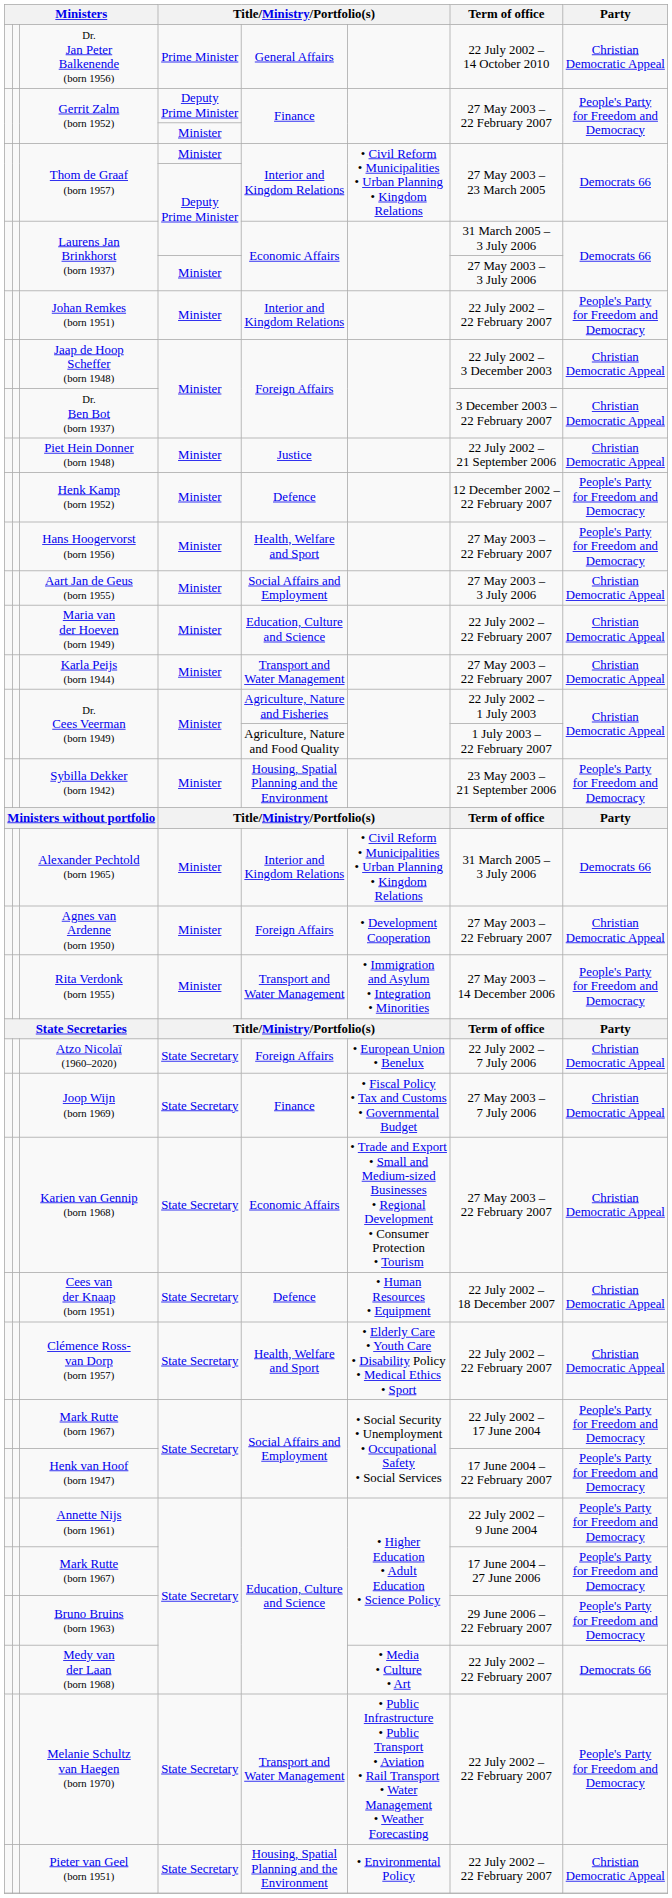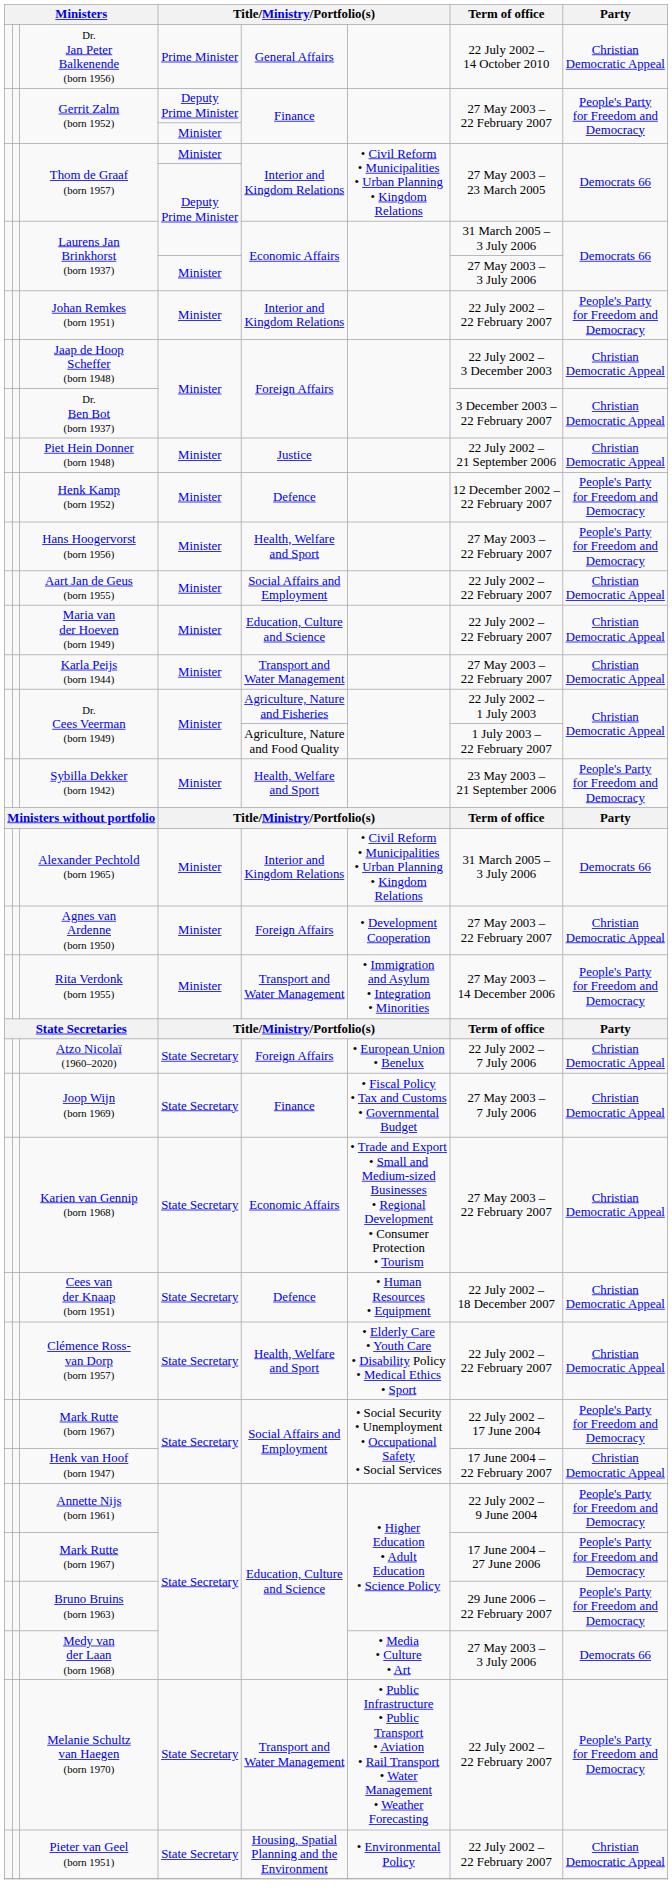 <table class="wikitable" style="text-align:center">
 <tr>
 <th colspan=3><a href='#'>Ministers</a></th>
 <th colspan=3>Title/<a href='#'>Ministry</a>/Portfolio(s)</th>
 <th>Term of office</th>
 <th>Party</th>
 </tr>
 <tr>
 <td style="background:"></td>
 <td></td>
 <td><small>Dr.</small> <br> <a href='#'>Jan Peter <br> Balkenende</a> <br> <small>(born 1956)</small></td>
 <td><a href='#'>Prime Minister</a></td>
 <td><a href='#'>General Affairs</a></td>
 <td></td>
 <td>22 July 2002 – <br> 14 October 2010 <br>  </td>
 <td><a href='#'>Christian <br> Democratic Appeal</a></td>
 </tr>
 <tr>
 <td rowspan=2 style="background:"></td>
 <td rowspan=2></td>
 <td rowspan=2><a href='#'>Gerrit Zalm</a> <br> <small>(born 1952)</small></td>
 <td><a href='#'>Deputy <br> Prime Minister</a></td>
 <td rowspan=2><a href='#'>Finance</a></td>
 <td rowspan=2></td>
 <td rowspan=2>27 May 2003 – <br> 22 February 2007 <br> </td>
 <td rowspan=2><a href='#'>People's Party <br> for Freedom and <br> Democracy</a></td>
 </tr>
 <tr>
 <td><a href='#'>Minister</a></td>
 </tr>
 <tr>
 <td rowspan=2 style="background:"></td>
 <td rowspan=2></td>
 <td rowspan=2><a href='#'>Thom de Graaf</a> <br> <small>(born 1957)</small></td>
 <td><a href='#'>Minister</a></td>
 <td rowspan=2><a href='#'>Interior and <br> Kingdom Relations</a></td>
 <td rowspan=2>• <a href='#'>Civil Reform</a> <br> • <a href='#'>Municipalities</a> <br> • <a href='#'>Urban Planning</a> <br> • <a href='#'>Kingdom <br> Relations</a></td>
 <td rowspan=2>27 May 2003 – <br> 23 March 2005 <br> </td>
 <td rowspan=2><a href='#'>Democrats 66</a></td>
 </tr>
 <tr>
 <td rowspan=2><a href='#'>Deputy <br> Prime Minister</a></td>
 </tr>
 <tr>
 <td rowspan=2 style="background:"></td>
 <td rowspan=2></td>
 <td rowspan=2><a href='#'>Laurens Jan <br> Brinkhorst</a> <br> <small>(born 1937)</small></td>
 <td rowspan=2><a href='#'>Economic Affairs</a></td>
 <td rowspan=2></td>
 <td>31 March 2005 – <br> 3 July 2006 <br> </td>
 <td rowspan=2><a href='#'>Democrats 66</a></td>
 </tr>
 <tr>
 <td><a href='#'>Minister</a></td>
 <td>27 May 2003 – <br> 3 July 2006 <br> </td>
 </tr>
 <tr>
 <td style="background:"></td>
 <td></td>
 <td><a href='#'>Johan Remkes</a> <br> <small>(born 1951)</small></td>
 <td><a href='#'>Minister</a></td>
 <td><a href='#'>Interior and <br> Kingdom Relations</a></td>
 <td></td>
 <td>22 July 2002 – <br> 22 February 2007 <br>  </td>
 <td><a href='#'>People's Party <br> for Freedom and <br> Democracy</a></td>
 </tr>
 <tr>
 <td style="background:"></td>
 <td></td>
 <td><a href='#'>Jaap de Hoop <br> Scheffer</a> <br> <small>(born 1948)</small></td>
 <td rowspan=2><a href='#'>Minister</a></td>
 <td rowspan=2><a href='#'>Foreign Affairs</a></td>
 <td rowspan=2></td>
 <td>22 July 2002 – <br> 3 December 2003 <br>  </td>
 <td><a href='#'>Christian <br> Democratic Appeal</a></td>
 </tr>
 <tr>
 <td style="background:"></td>
 <td></td>
 <td><small>Dr.</small> <br> <a href='#'>Ben Bot</a> <br> <small>(born 1937)</small></td>
 <td>3 December 2003 – <br> 22 February 2007 <br> </td>
 <td><a href='#'>Christian <br> Democratic Appeal</a></td>
 </tr>
 <tr>
 <td style="background:"></td>
 <td></td>
 <td><a href='#'>Piet Hein Donner</a> <br> <small>(born 1948)</small></td>
 <td><a href='#'>Minister</a></td>
 <td><a href='#'>Justice</a></td>
 <td></td>
 <td>22 July 2002 – <br> 21 September 2006 <br>  </td>
 <td><a href='#'>Christian <br> Democratic Appeal</a></td>
 </tr>
 <tr>
 <td style="background:"></td>
 <td></td>
 <td><a href='#'>Henk Kamp</a> <br> <small>(born 1952)</small></td>
 <td><a href='#'>Minister</a></td>
 <td><a href='#'>Defence</a></td>
 <td></td>
 <td>12 December 2002 – <br> 22 February 2007 <br>  </td>
 <td><a href='#'>People's Party <br> for Freedom and <br> Democracy</a></td>
 </tr>
 <tr>
 <td style="background:"></td>
 <td></td>
 <td><a href='#'>Hans Hoogervorst</a> <br> <small>(born 1956)</small></td>
 <td><a href='#'>Minister</a></td>
 <td><a href='#'>Health, Welfare <br> and Sport</a></td>
 <td></td>
 <td>27 May 2003 – <br> 22 February 2007 <br> </td>
 <td><a href='#'>People's Party <br> for Freedom and <br> Democracy</a></td>
 </tr>
 <tr>
 <td style="background:"></td>
 <td></td>
 <td><a href='#'>Aart Jan de Geus</a> <br> <small>(born 1955)</small></td>
 <td><a href='#'>Minister</a></td>
 <td><a href='#'>Social Affairs and <br> Employment</a></td>
 <td></td>
-<td>27 May 2003 – <br> 3 July 2006 <br> </td>
+<td>22 July 2002 – <br> 22 February 2007 <br>  </td>
 <td><a href='#'>Christian <br> Democratic Appeal</a></td>
 </tr>
 <tr>
 <td style="background:"></td>
 <td></td>
 <td><a href='#'>Maria van <br> der Hoeven</a> <br> <small>(born 1949)</small></td>
 <td><a href='#'>Minister</a></td>
 <td><a href='#'>Education, Culture <br> and Science</a></td>
 <td></td>
 <td>22 July 2002 – <br> 22 February 2007 <br>  </td>
 <td><a href='#'>Christian <br> Democratic Appeal</a></td>
 </tr>
 <tr>
 <td style="background:"></td>
 <td></td>
 <td><a href='#'>Karla Peijs</a> <br> <small>(born 1944)</small></td>
 <td><a href='#'>Minister</a></td>
 <td><a href='#'>Transport and <br> Water Management</a></td>
 <td></td>
 <td>27 May 2003 – <br> 22 February 2007 <br> </td>
 <td><a href='#'>Christian <br> Democratic Appeal</a></td>
 </tr>
 <tr>
 <td rowspan=2 style="background:"></td>
 <td rowspan=2></td>
 <td rowspan=2><small>Dr.</small> <br> <a href='#'>Cees Veerman</a> <br> <small>(born 1949)</small></td>
 <td rowspan=2><a href='#'>Minister</a></td>
 <td><a href='#'>Agriculture, Nature <br> and Fisheries</a></td>
 <td rowspan=2></td>
 <td>22 July 2002 – <br> 1 July 2003 <br> </td>
 <td rowspan=2><a href='#'>Christian <br> Democratic Appeal</a></td>
 </tr>
 <tr>
 <td>Agriculture, Nature <br> and Food Quality</td>
 <td>1 July 2003 – <br> 22 February 2007 <br> </td>
 </tr>
 <tr>
 <td style="background:"></td>
 <td></td>
 <td><a href='#'>Sybilla Dekker</a> <br> <small>(born 1942)</small></td>
 <td><a href='#'>Minister</a></td>
-<td><a href='#'>Housing, Spatial <br> Planning and the <br> Environment</a></td>
+<td><a href='#'>Health, Welfare <br> and Sport</a></td>
 <td></td>
 <td>23 May 2003 – <br> 21 September 2006 <br> </td>
 <td><a href='#'>People's Party <br> for Freedom and <br> Democracy</a></td>
 </tr>
 <tr>
 <th colspan=3><a href='#'>Ministers without portfolio</a></th>
 <th colspan=3>Title/<a href='#'>Ministry</a>/Portfolio(s)</th>
 <th>Term of office</th>
 <th>Party</th>
 </tr>
 <tr>
 <td style="background:"></td>
 <td></td>
 <td><a href='#'>Alexander Pechtold</a> <br> <small>(born 1965)</small></td>
 <td><a href='#'>Minister</a></td>
 <td><a href='#'>Interior and <br> Kingdom Relations</a></td>
 <td>• <a href='#'>Civil Reform</a> <br> • <a href='#'>Municipalities</a> <br> • <a href='#'>Urban Planning</a> <br> • <a href='#'>Kingdom <br> Relations</a></td>
 <td>31 March 2005 – <br> 3 July 2006 <br> </td>
 <td><a href='#'>Democrats 66</a></td>
 </tr>
 <tr>
 <td style="background:"></td>
 <td></td>
 <td><a href='#'>Agnes van <br> Ardenne</a> <br> <small>(born 1950)</small></td>
 <td><a href='#'>Minister</a></td>
 <td><a href='#'>Foreign Affairs</a></td>
 <td>• <a href='#'>Development <br> Cooperation</a></td>
 <td>27 May 2003 – <br> 22 February 2007 <br> </td>
 <td><a href='#'>Christian <br> Democratic Appeal</a></td>
 </tr>
 <tr>
 <td style="background:"></td>
 <td></td>
 <td><a href='#'>Rita Verdonk</a> <br> <small>(born 1955)</small></td>
 <td><a href='#'>Minister</a></td>
 <td><a href='#'>Transport and <br> Water Management</a></td>
 <td>• <a href='#'>Immigration <br> and Asylum</a> <br> • <a href='#'>Integration</a> <br> • <a href='#'>Minorities</a></td>
 <td>27 May 2003 – <br> 14 December 2006 <br> </td>
 <td><a href='#'>People's Party <br> for Freedom and <br> Democracy</a></td>
 </tr>
 <tr>
 <th colspan=3><a href='#'>State Secretaries</a></th>
 <th colspan=3>Title/<a href='#'>Ministry</a>/Portfolio(s)</th>
 <th>Term of office</th>
 <th>Party</th>
 </tr>
 <tr>
 <td style="background:"></td>
 <td></td>
 <td><a href='#'>Atzo Nicolaï</a> <br> <small>(1960–2020)</small></td>
 <td><a href='#'>State Secretary</a> <br> </td>
 <td><a href='#'>Foreign Affairs</a></td>
 <td>• <a href='#'>European Union</a> <br> • <a href='#'>Benelux</a></td>
 <td>22 July 2002 – <br> 7 July 2006 <br> </td>
 <td><a href='#'>Christian <br> Democratic Appeal</a></td>
 </tr>
 <tr>
 <td style="background:"></td>
 <td></td>
 <td><a href='#'>Joop Wijn</a> <br> <small>(born 1969)</small></td>
 <td><a href='#'>State Secretary</a></td>
 <td><a href='#'>Finance</a></td>
 <td>• <a href='#'>Fiscal Policy</a> <br> • <a href='#'>Tax and Customs</a> <br> • <a href='#'>Governmental <br> Budget</a></td>
 <td>27 May 2003 – <br> 7 July 2006</td>
 <td><a href='#'>Christian <br> Democratic Appeal</a></td>
 </tr>
 <tr>
 <td style="background:"></td>
 <td></td>
 <td><a href='#'>Karien van Gennip</a> <br> <small>(born 1968)</small></td>
 <td><a href='#'>State Secretary</a></td>
 <td><a href='#'>Economic Affairs</a></td>
 <td>• <a href='#'>Trade and Export</a> <br> • <a href='#'>Small and <br> Medium-sized <br> Businesses</a> <br> • <a href='#'>Regional <br> Development</a> <br> • Consumer <br> Protection <br> • <a href='#'>Tourism</a></td>
 <td>27 May 2003 – <br> 22 February 2007 <br> </td>
 <td><a href='#'>Christian <br> Democratic Appeal</a></td>
 </tr>
 <tr>
 <td style="background:"></td>
 <td></td>
 <td><a href='#'>Cees van <br> der Knaap</a> <br> <small>(born 1951)</small></td>
 <td><a href='#'>State Secretary</a></td>
 <td><a href='#'>Defence</a></td>
 <td>• <a href='#'>Human <br> Resources</a> <br> • <a href='#'>Equipment</a></td>
 <td>22 July 2002 – <br> 18 December 2007 <br>  </td>
 <td><a href='#'>Christian <br> Democratic Appeal</a></td>
 </tr>
 <tr>
 <td style="background:"></td>
 <td></td>
 <td><a href='#'>Clémence Ross-<br>van Dorp</a> <br> <small>(born 1957)</small></td>
 <td><a href='#'>State Secretary</a></td>
 <td><a href='#'>Health, Welfare <br> and Sport</a></td>
 <td>• <a href='#'>Elderly Care</a> <br> • <a href='#'>Youth Care</a> <br> • <a href='#'>Disability</a> Policy <br> • <a href='#'>Medical Ethics</a> <br> • <a href='#'>Sport</a></td>
 <td>22 July 2002 – <br> 22 February 2007 <br>  </td>
 <td><a href='#'>Christian <br> Democratic Appeal</a></td>
 </tr>
 <tr>
 <td style="background:"></td>
 <td></td>
 <td><a href='#'>Mark Rutte</a> <br> <small>(born 1967)</small></td>
 <td rowspan=2><a href='#'>State Secretary</a></td>
 <td rowspan=2><a href='#'>Social Affairs and <br> Employment</a></td>
 <td rowspan=2>• Social Security <br> • Unemployment <br> • <a href='#'>Occupational <br> Safety</a> <br> • Social Services</td>
 <td>22 July 2002 – <br> 17 June 2004  <br>  </td>
 <td><a href='#'>People's Party <br> for Freedom and <br> Democracy</a></td>
 </tr>
 <tr>
 <td style="background:"></td>
 <td></td>
 <td><a href='#'>Henk van Hoof</a> <br> <small>(born 1947)</small></td>
 <td>17 June 2004 – <br> 22 February 2007 <br> </td>
-<td><a href='#'>People's Party <br> for Freedom and <br> Democracy</a></td>
+<td><a href='#'>Christian <br> Democratic Appeal</a></td>
 </tr>
 <tr>
 <td style="background:"></td>
 <td></td>
 <td><a href='#'>Annette Nijs</a> <br> <small>(born 1961)</small></td>
 <td rowspan=4><a href='#'>State Secretary</a></td>
 <td rowspan=4><a href='#'>Education, Culture <br> and Science</a></td>
 <td rowspan=3>• <a href='#'>Higher <br> Education</a> <br> • <a href='#'>Adult <br> Education</a> <br> • <a href='#'>Science Policy</a></td>
 <td>22 July 2002 – <br> 9 June 2004 <br>  </td>
 <td><a href='#'>People's Party <br> for Freedom and <br> Democracy</a></td>
 </tr>
 <tr>
 <td style="background:"></td>
 <td></td>
 <td><a href='#'>Mark Rutte</a> <br> <small>(born 1967)</small></td>
 <td>17 June 2004 – <br> 27 June 2006 <br> </td>
 <td><a href='#'>People's Party <br> for Freedom and <br> Democracy</a></td>
 </tr>
 <tr>
 <td style="background:"></td>
 <td></td>
 <td><a href='#'>Bruno Bruins</a> <br> <small>(born 1963)</small></td>
 <td>29 June 2006 – <br> 22 February 2007 <br> </td>
 <td><a href='#'>People's Party <br> for Freedom and <br> Democracy</a></td>
 </tr>
 <tr>
 <td style="background:"></td>
 <td></td>
 <td><a href='#'>Medy van <br> der Laan</a> <br> <small>(born 1968)</small></td>
 <td>• <a href='#'>Media</a> <br> • <a href='#'>Culture</a> <br> • <a href='#'>Art</a></td>
-<td>22 July 2002 – <br> 22 February 2007 <br>  </td>
+<td>27 May 2003 – <br> 3 July 2006 <br> </td>
 <td><a href='#'>Democrats 66</a></td>
 </tr>
 <tr>
 <td style="background:"></td>
 <td></td>
 <td><a href='#'>Melanie Schultz <br> van Haegen</a> <br> <small>(born 1970)</small></td>
 <td><a href='#'>State Secretary</a></td>
 <td><a href='#'>Transport and <br> Water Management</a></td>
 <td>• <a href='#'>Public <br> Infrastructure</a> <br> • <a href='#'>Public <br> Transport</a> <br> • <a href='#'>Aviation</a> <br> • <a href='#'>Rail Transport</a> <br> • <a href='#'>Water <br> Management</a> <br> • <a href='#'>Weather <br> Forecasting</a></td>
 <td>22 July 2002 – <br> 22 February 2007 <br>  </td>
 <td><a href='#'>People's Party <br> for Freedom and <br> Democracy</a></td>
 </tr>
 <tr>
 <td style="background:"></td>
 <td></td>
 <td><a href='#'>Pieter van Geel</a> <br> <small>(born 1951)</small></td>
 <td><a href='#'>State Secretary</a></td>
 <td><a href='#'>Housing, Spatial <br> Planning and the <br> Environment</a></td>
 <td>• <a href='#'>Environmental <br> Policy</a></td>
 <td>22 July 2002 – <br> 22 February 2007 <br>  </td>
 <td><a href='#'>Christian <br> Democratic Appeal</a></td>
 </tr>
 <tr>
 </tr>
 </table>
